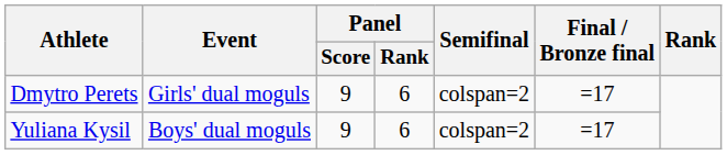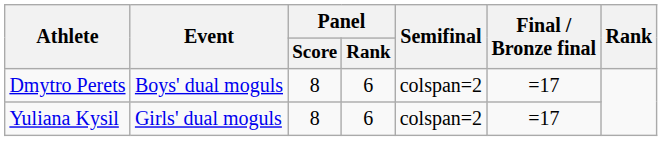 <table class="wikitable" style="font-size:90%">
 <tr>
 <th rowspan=2>Athlete</th>
 <th rowspan=2>Event</th>
 <th colspan=2>Panel</th>
 <th rowspan=2>Semifinal</th>
 <th rowspan=2>Final /<br>Bronze final</th>
 <th rowspan=2>Rank</th>
 </tr>
 <tr style="font-size:95%">
 <th>Score</th>
 <th>Rank</th>
 </tr>
 <tr align="center">
 <td align="left"><a href='#'>Dmytro Perets</a></td>
-<td align="left"><a href='#'>Girls' dual moguls</a></td>
-<td>9</td>
+<td align="left"><a href='#'>Boys' dual moguls</a></td>
+<td>8</td>
 <td>6</td>
 <td>colspan=2 </td>
 <td>=17</td>
 </tr>
 <tr align="center">
 <td align="left"><a href='#'>Yuliana Kysil</a></td>
-<td align="left"><a href='#'>Boys' dual moguls</a></td>
-<td>9</td>
+<td align="left"><a href='#'>Girls' dual moguls</a></td>
+<td>8</td>
 <td>6</td>
 <td>colspan=2 </td>
 <td>=17</td>
 </tr>
 </table>
